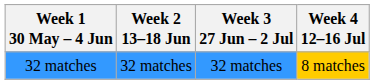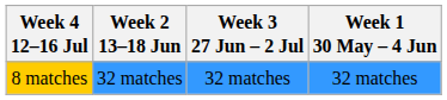 <table class="wikitable" style="margin:0.9em auto; font-size:90%; line-height:1.25em; width:800">
 <tr>
-<th>Week 1<br>30 May – 4 Jun</th>
+<th>Week 4<br>12–16 Jul</th>
 <th>Week 2<br>13–18 Jun</th>
 <th>Week 3<br>27 Jun – 2 Jul</th>
-<th>Week 4<br>12–16 Jul</th>
+<th>Week 1<br>30 May – 4 Jun</th>
 </tr>
 <tr align="center">
+<td bgcolor=#ffcc00>8 matches</td>
 <td bgcolor=#3399ff>32 matches</td>
 <td bgcolor=#3399ff>32 matches</td>
 <td bgcolor=#3399ff>32 matches</td>
-<td bgcolor=#ffcc00>8 matches</td>
 </tr>
 </table>
